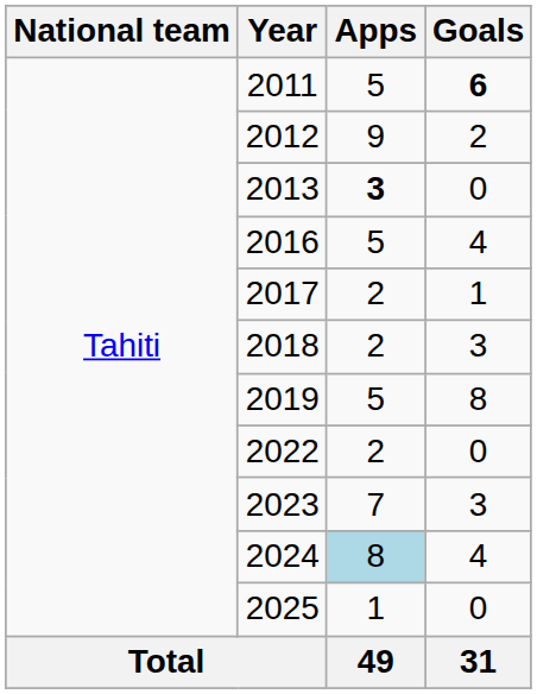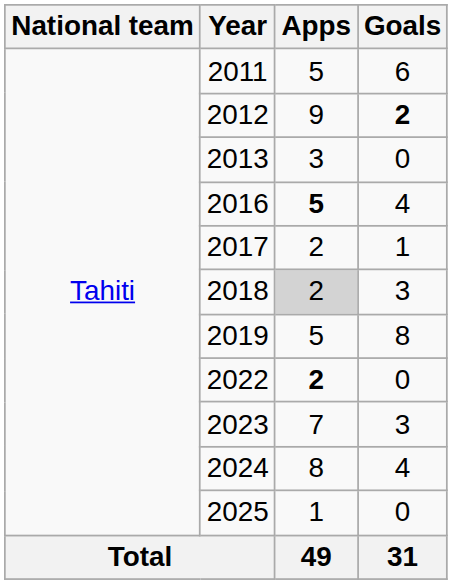 <table class="wikitable" style="text-align:center;">
 <tr>
 <th>National team</th>
 <th>Year</th>
 <th>Apps</th>
 <th>Goals</th>
 </tr>
 <tr>
 <td rowspan="11"><a href='#'>Tahiti</a></td>
 <td>2011</td>
 <td>5</td>
-<td><strong>6</strong></td>
+<td>6</td>
 </tr>
 <tr>
 <td>2012</td>
 <td>9</td>
-<td>2</td>
+<td><strong>2</strong></td>
 </tr>
 <tr>
 <td>2013</td>
-<td><strong>3</strong></td>
+<td>3</td>
 <td>0</td>
 </tr>
 <tr>
 <td>2016</td>
-<td>5</td>
+<td><strong>5</strong></td>
 <td>4</td>
 </tr>
 <tr>
 <td>2017</td>
 <td>2</td>
 <td>1</td>
 </tr>
 <tr>
 <td>2018</td>
-<td>2</td>
+<td style="background: lightgrey;">2</td>
 <td>3</td>
 </tr>
 <tr>
 <td>2019</td>
 <td>5</td>
 <td>8</td>
 </tr>
 <tr>
 <td>2022</td>
-<td>2</td>
+<td><strong>2</strong></td>
 <td>0</td>
 </tr>
 <tr>
 <td>2023</td>
 <td>7</td>
 <td>3</td>
 </tr>
 <tr>
 <td>2024</td>
-<td style="background: lightblue;">8</td>
+<td>8</td>
 <td>4</td>
 </tr>
 <tr>
 <td>2025</td>
 <td>1</td>
 <td>0</td>
 </tr>
 <tr>
 <th colspan=2>Total</th>
 <th>49</th>
 <th>31</th>
 </tr>
 </table>
